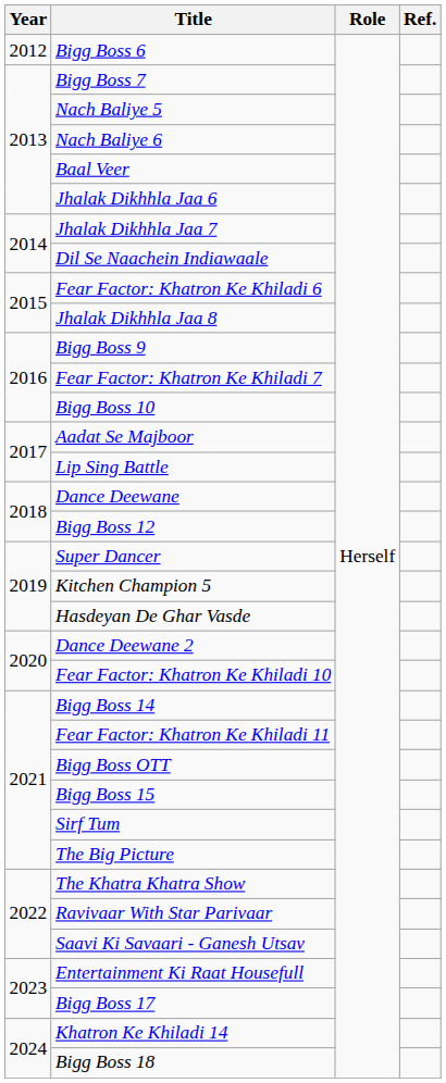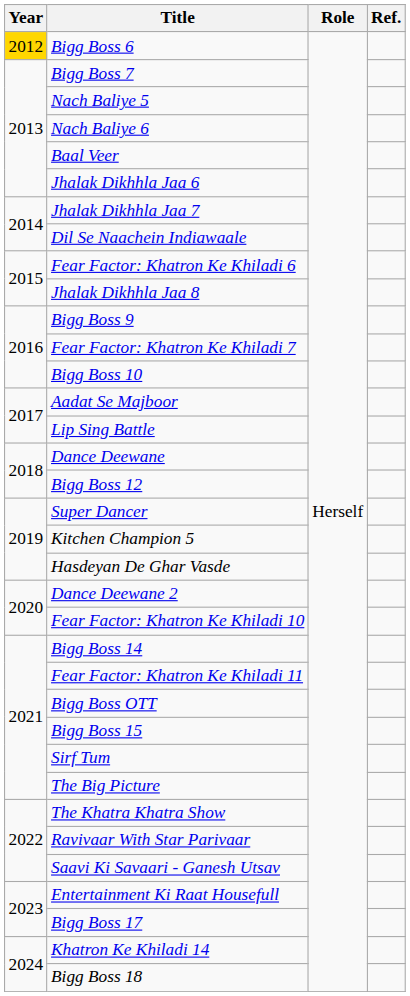 <table class="wikitable">
 <tr>
 <th>Year</th>
 <th>Title</th>
 <th>Role</th>
 <th>Ref.</th>
 </tr>
 <tr>
-<td>2012</td>
+<td style="background: gold;">2012</td>
 <td><em><a href='#'>Bigg Boss 6</a></em></td>
 <td rowspan="35">Herself</td>
 <td></td>
 </tr>
 <tr>
 <td rowspan="5">2013</td>
 <td><em><a href='#'>Bigg Boss 7</a></em></td>
 <td></td>
 </tr>
 <tr>
 <td><em><a href='#'>Nach Baliye 5</a></em></td>
 <td></td>
 </tr>
 <tr>
 <td><em><a href='#'>Nach Baliye 6</a></em></td>
 <td></td>
 </tr>
 <tr>
 <td><em><a href='#'>Baal Veer</a></em></td>
 <td></td>
 </tr>
 <tr>
 <td><em><a href='#'>Jhalak Dikhhla Jaa 6</a></em></td>
 <td></td>
 </tr>
 <tr>
 <td rowspan="2">2014</td>
 <td><em><a href='#'>Jhalak Dikhhla Jaa 7</a></em></td>
 <td></td>
 </tr>
 <tr>
 <td><em><a href='#'>Dil Se Naachein Indiawaale</a></em></td>
 <td></td>
 </tr>
 <tr>
 <td rowspan="2">2015</td>
 <td><em><a href='#'>Fear Factor: Khatron Ke Khiladi 6</a></em></td>
 <td></td>
 </tr>
 <tr>
 <td><em><a href='#'>Jhalak Dikhhla Jaa 8</a></em></td>
 <td></td>
 </tr>
 <tr>
 <td rowspan="3">2016</td>
 <td><em><a href='#'>Bigg Boss 9</a></em></td>
 <td></td>
 </tr>
 <tr>
 <td><em><a href='#'>Fear Factor: Khatron Ke Khiladi 7</a></em></td>
 <td></td>
 </tr>
 <tr>
 <td><em><a href='#'>Bigg Boss 10</a></em></td>
 <td></td>
 </tr>
 <tr>
 <td rowspan="2">2017</td>
 <td><em><a href='#'>Aadat Se Majboor</a></em></td>
 <td></td>
 </tr>
 <tr>
 <td><em><a href='#'>Lip Sing Battle</a></em></td>
 <td></td>
 </tr>
 <tr>
 <td rowspan="2">2018</td>
 <td><em><a href='#'>Dance Deewane</a></em></td>
 <td></td>
 </tr>
 <tr>
 <td><em><a href='#'>Bigg Boss 12</a></em></td>
 <td></td>
 </tr>
 <tr>
 <td rowspan="3">2019</td>
 <td><em><a href='#'>Super Dancer</a></em></td>
 <td></td>
 </tr>
 <tr>
 <td><em>Kitchen Champion 5</em></td>
 <td></td>
 </tr>
 <tr>
 <td><em>Hasdeyan De Ghar Vasde</em></td>
 <td></td>
 </tr>
 <tr>
 <td rowspan="2">2020</td>
 <td><em><a href='#'>Dance Deewane 2</a></em></td>
 <td></td>
 </tr>
 <tr>
 <td><em><a href='#'>Fear Factor: Khatron Ke Khiladi 10</a></em></td>
 <td></td>
 </tr>
 <tr>
 <td rowspan="6">2021</td>
 <td><em><a href='#'>Bigg Boss 14</a></em></td>
 <td></td>
 </tr>
 <tr>
 <td><em><a href='#'>Fear Factor: Khatron Ke Khiladi 11</a></em></td>
 <td></td>
 </tr>
 <tr>
 <td><em><a href='#'>Bigg Boss OTT</a></em></td>
 <td></td>
 </tr>
 <tr>
 <td><em><a href='#'>Bigg Boss 15</a></em></td>
 <td></td>
 </tr>
 <tr>
 <td><em><a href='#'>Sirf Tum</a></em></td>
 <td></td>
 </tr>
 <tr>
 <td><em><a href='#'>The Big Picture</a></em></td>
 <td></td>
 </tr>
 <tr>
 <td rowspan="3">2022</td>
 <td><em><a href='#'>The Khatra Khatra Show</a></em></td>
 <td></td>
 </tr>
 <tr>
 <td><em><a href='#'>Ravivaar With Star Parivaar</a></em></td>
 <td></td>
 </tr>
 <tr>
 <td><em><a href='#'>Saavi Ki Savaari - Ganesh Utsav</a></em></td>
 <td></td>
 </tr>
 <tr>
 <td rowspan="2">2023</td>
 <td><em><a href='#'>Entertainment Ki Raat Housefull</a></em></td>
 <td></td>
 </tr>
 <tr>
 <td><em><a href='#'>Bigg Boss 17</a></em></td>
 <td></td>
 </tr>
 <tr>
 <td rowspan="2">2024</td>
 <td><em><a href='#'>Khatron Ke Khiladi 14</a></em></td>
 <td></td>
 </tr>
 <tr>
 <td><em>Bigg Boss 18</em></td>
 <td></td>
 </tr>
 </table>
